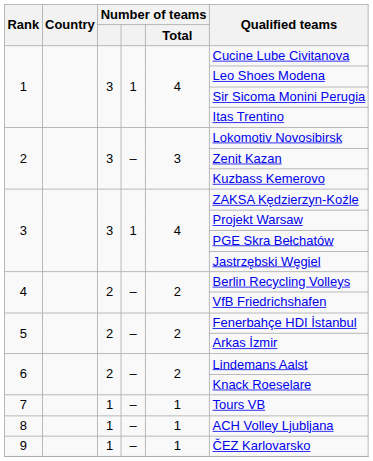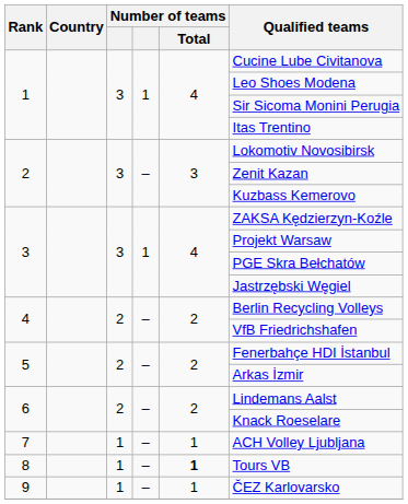 <table class="wikitable" style="text-align:left">
 <tr>
 <th rowspan=2>Rank</th>
 <th rowspan=2>Country</th>
 <th colspan=3>Number of teams</th>
 <th rowspan=2>Qualified teams</th>
 </tr>
 <tr>
 <th></th>
 <th></th>
 <th>Total</th>
 </tr>
 <tr>
 <td rowspan="4" align="center">1</td>
 <td rowspan="4"></td>
 <td rowspan="4" align="center">3</td>
 <td rowspan="4" align="center">1</td>
 <td align="center" rowspan="4">4</td>
 <td><a href='#'>Cucine Lube Civitanova</a></td>
 </tr>
 <tr>
 <td><a href='#'>Leo Shoes Modena</a></td>
 </tr>
 <tr>
 <td><a href='#'>Sir Sicoma Monini Perugia</a></td>
 </tr>
 <tr>
 <td><a href='#'>Itas Trentino</a></td>
 </tr>
 <tr>
 <td rowspan="3" align="center">2</td>
 <td rowspan="3"></td>
 <td rowspan="3" align="center">3</td>
 <td rowspan="3" align="center">–</td>
 <td align="center" rowspan="3">3</td>
 <td><a href='#'>Lokomotiv Novosibirsk</a></td>
 </tr>
 <tr>
 <td><a href='#'>Zenit Kazan</a></td>
 </tr>
 <tr>
 <td><a href='#'>Kuzbass Kemerovo</a></td>
 </tr>
 <tr>
 <td rowspan="4" align="center">3</td>
 <td rowspan="4"></td>
 <td rowspan="4" align="center">3</td>
 <td rowspan="4" align="center">1</td>
 <td align="center" rowspan="4">4</td>
 <td><a href='#'>ZAKSA Kędzierzyn-Koźle</a></td>
 </tr>
 <tr>
 <td><a href='#'>Projekt Warsaw</a></td>
 </tr>
 <tr>
 <td><a href='#'>PGE Skra Bełchatów</a></td>
 </tr>
 <tr>
 <td><a href='#'>Jastrzębski Węgiel</a></td>
 </tr>
 <tr>
 <td rowspan="2" align="center">4</td>
 <td rowspan="2"></td>
 <td rowspan="2" align="center">2</td>
 <td rowspan="2" align="center">–</td>
 <td align="center" rowspan="2">2</td>
 <td><a href='#'>Berlin Recycling Volleys</a></td>
 </tr>
 <tr>
 <td><a href='#'>VfB Friedrichshafen</a></td>
 </tr>
 <tr>
 <td rowspan="2" align="center">5</td>
 <td rowspan="2"></td>
 <td rowspan="2" align="center">2</td>
 <td rowspan="2" align="center">–</td>
 <td align="center" rowspan="2">2</td>
 <td><a href='#'>Fenerbahçe HDI İstanbul</a></td>
 </tr>
 <tr>
 <td><a href='#'>Arkas İzmir</a></td>
 </tr>
 <tr>
 <td rowspan="2" align="center">6</td>
 <td rowspan="2"></td>
 <td rowspan="2" align="center">2</td>
 <td rowspan="2" align="center">–</td>
 <td align="center" rowspan="2">2</td>
 <td><a href='#'>Lindemans Aalst</a></td>
 </tr>
 <tr>
 <td><a href='#'>Knack Roeselare</a></td>
 </tr>
 <tr>
 <td align="center">7</td>
 <td></td>
 <td align="center">1</td>
 <td align="center">–</td>
 <td align="center">1</td>
-<td><a href='#'>Tours VB</a></td>
+<td><a href='#'>ACH Volley Ljubljana</a></td>
 </tr>
 <tr>
 <td align="center">8</td>
 <td></td>
 <td align="center">1</td>
 <td align="center">–</td>
-<td align="center">1</td>
-<td><a href='#'>ACH Volley Ljubljana</a></td>
+<td align="center"><strong>1</strong></td>
+<td><a href='#'>Tours VB</a></td>
 </tr>
 <tr>
 <td align="center">9</td>
 <td></td>
 <td align="center">1</td>
 <td align="center">–</td>
 <td align="center">1</td>
 <td><a href='#'>ČEZ Karlovarsko</a></td>
 </tr>
 <tr>
 </tr>
 </table>
